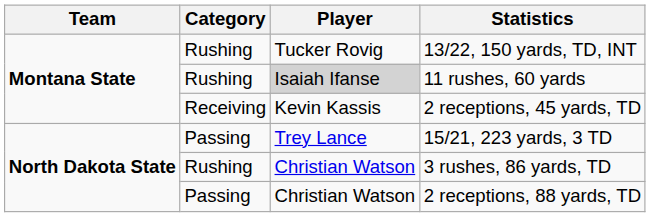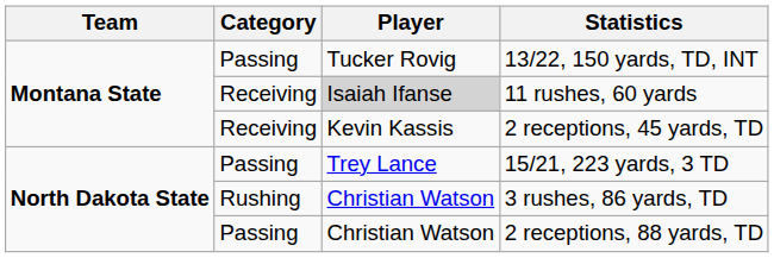 <table class="wikitable" style="float: left;">
 <tr>
 <th>Team</th>
 <th>Category</th>
 <th>Player</th>
 <th>Statistics</th>
 </tr>
 <tr>
 <td rowspan=3><strong>Montana State</strong></td>
-<td>Rushing</td>
+<td>Passing</td>
 <td>Tucker Rovig</td>
 <td>13/22, 150 yards, TD, INT</td>
 </tr>
 <tr>
-<td>Rushing</td>
+<td>Receiving</td>
 <td style="background: lightgrey;">Isaiah Ifanse</td>
 <td>11 rushes, 60 yards</td>
 </tr>
 <tr>
 <td>Receiving</td>
 <td>Kevin Kassis</td>
 <td>2 receptions, 45 yards, TD</td>
 </tr>
 <tr>
 <td rowspan=3><strong>North Dakota State</strong></td>
 <td>Passing</td>
 <td><a href='#'>Trey Lance</a></td>
 <td>15/21, 223 yards, 3 TD</td>
 </tr>
 <tr>
 <td>Rushing</td>
 <td><a href='#'>Christian Watson</a></td>
 <td>3 rushes, 86 yards, TD</td>
 </tr>
 <tr>
 <td>Passing</td>
 <td>Christian Watson</td>
 <td>2 receptions, 88 yards, TD</td>
 </tr>
 </table>
